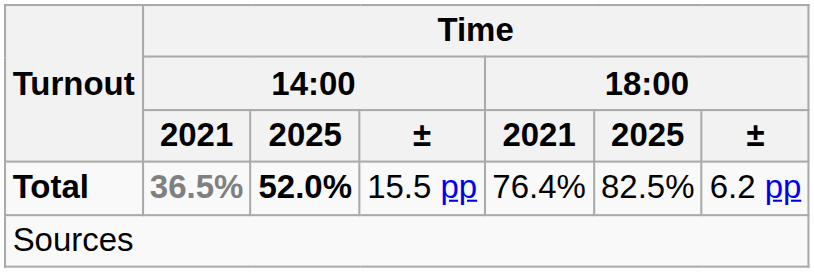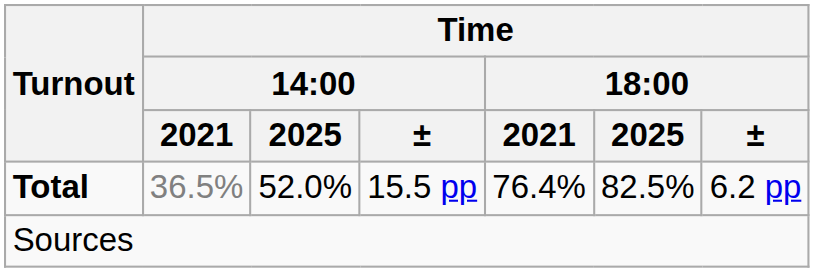 <table class="wikitable sortable" style="text-align:right;">
 <tr>
 <th rowspan="3">Turnout</th>
 <th colspan="6">Time</th>
 </tr>
 <tr>
 <th colspan="3">14:00</th>
 <th colspan="3">18:00</th>
 </tr>
 <tr>
 <th>2021</th>
 <th>2025</th>
 <th>±</th>
 <th>2021</th>
 <th>2025</th>
 <th>±</th>
 </tr>
 <tr>
 <td align="left"><strong>Total</strong></td>
-<td style="color:gray;"><strong>36.5%</strong></td>
-<td><strong>52.0%</strong></td>
+<td style="color:gray;">36.5%</td>
+<td>52.0%</td>
 <td> 15.5 <a href='#'>pp</a></td>
 <td>76.4%</td>
 <td>82.5%</td>
 <td> 6.2 <a href='#'>pp</a></td>
 </tr>
 <tr>
 <td colspan="7" align="left">Sources</td>
 </tr>
 </table>
